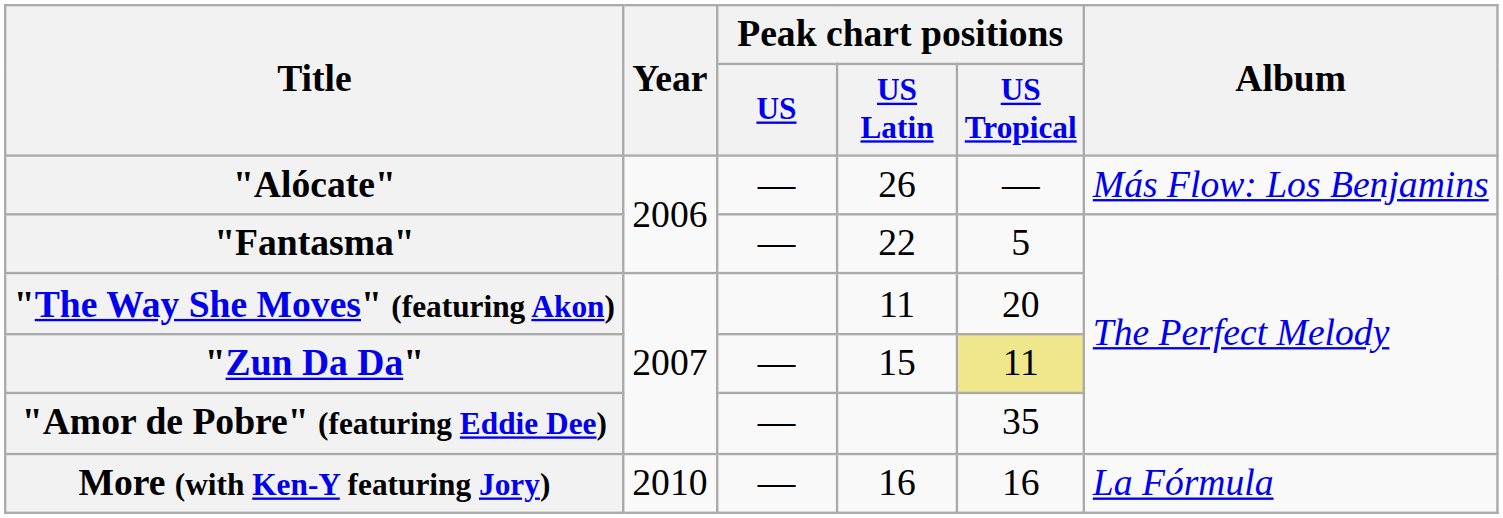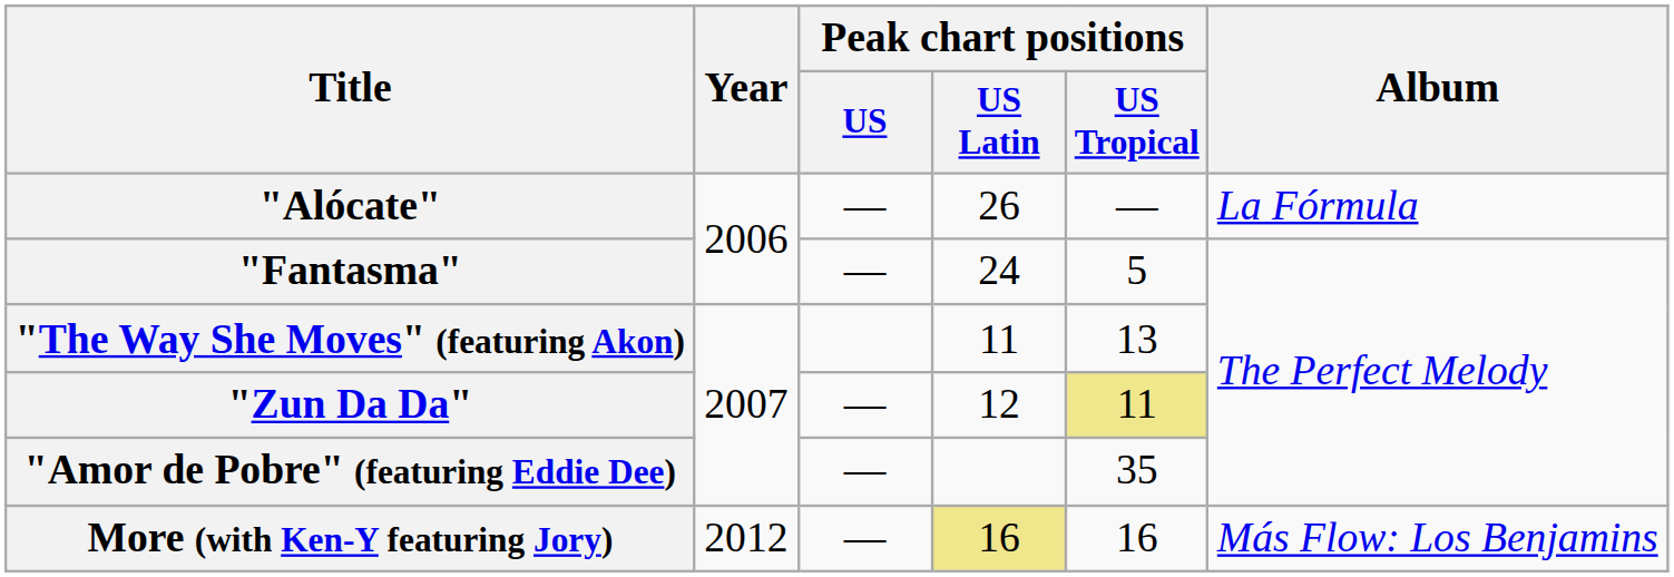 <table class="wikitable plainrowheaders">
 <tr>
 <th rowspan="2">Title</th>
 <th rowspan="2">Year</th>
 <th colspan="3">Peak chart positions</th>
 <th rowspan="2">Album</th>
 </tr>
 <tr style="font-size:smaller;">
 <th width="45"><a href='#'>US</a><br></th>
 <th width="45"><a href='#'>US Latin</a><br></th>
 <th width="45"><a href='#'>US<br>Tropical</a><br></th>
 </tr>
 <tr>
 <th scope="row">"Alócate"</th>
 <td rowspan="2">2006</td>
 <td align="center">—</td>
 <td align="center">26</td>
 <td align="center">—</td>
-<td><em><a href='#'>Más Flow: Los Benjamins</a></em></td>
+<td><em><a href='#'>La Fórmula</a></em></td>
 </tr>
 <tr>
 <th scope="row">"Fantasma"</th>
 <td align="center">—</td>
-<td align="center">22</td>
+<td align="center">24</td>
 <td align="center">5</td>
 <td rowspan="4"><em><a href='#'>The Perfect Melody</a></em></td>
 </tr>
 <tr>
 <th scope="row">"<a href='#'>The Way She Moves</a>" <small>(featuring <a href='#'>Akon</a>)</small></th>
 <td rowspan="3">2007</td>
 <td align="center"></td>
 <td align="center">11</td>
-<td align="center">20</td>
+<td align="center">13</td>
 </tr>
 <tr>
 <th scope="row">"<a href='#'>Zun Da Da</a>"</th>
 <td align="center">—</td>
-<td align="center">15</td>
+<td align="center">12</td>
 <td align="center" style="background: khaki;">11</td>
 </tr>
 <tr>
 <th scope="row">"Amor de Pobre" <small>(featuring <a href='#'>Eddie Dee</a>)</small></th>
 <td align="center">—</td>
 <td align="center"></td>
 <td align="center">35</td>
 </tr>
 <tr>
 <th scope="row">More <small>(with <a href='#'>Ken-Y</a> featuring <a href='#'>Jory</a>)</small></th>
-<td>2010</td>
+<td>2012</td>
 <td align="center">—</td>
+<td align="center" style="background: khaki;">16</td>
 <td align="center">16</td>
-<td align="center">16</td>
-<td><em><a href='#'>La Fórmula</a></em></td>
+<td><em><a href='#'>Más Flow: Los Benjamins</a></em></td>
 </tr>
 </table>
